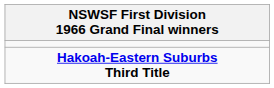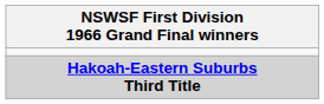 <table class="wikitable" style="text-align: center; margin: 0 auto; width: 20%">
 <tr>
 <th>NSWSF First Division<br>1966 Grand Final winners</th>
 </tr>
 <tr>
 <td></td>
 </tr>
 <tr>
-<td><strong><a href='#'>Hakoah-Eastern Suburbs</a></strong><br><strong>Third Title</strong></td>
+<td style="background: lightgrey;"><strong><a href='#'>Hakoah-Eastern Suburbs</a></strong><br><strong>Third Title</strong></td>
 </tr>
 </table>
